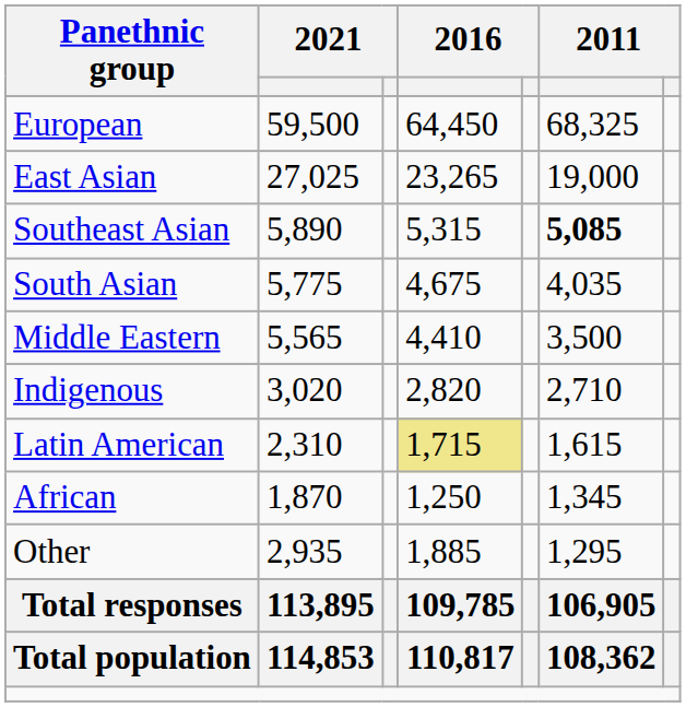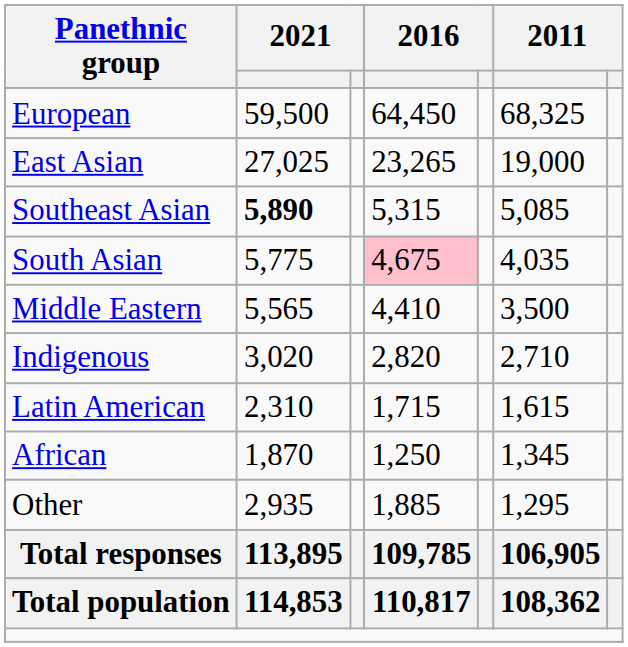 <table class="wikitable collapsible sortable">
 <tr>
 <th rowspan="2"><a href='#'>Panethnic</a><br>group</th>
 <th colspan="2">2021</th>
 <th colspan="2">2016</th>
 <th colspan="2">2011</th>
 </tr>
 <tr>
 <th><a href='#'></a></th>
 <th></th>
 <th></th>
 <th></th>
 <th></th>
 <th></th>
 </tr>
 <tr>
 <td><a href='#'>European</a></td>
 <td>59,500</td>
 <td></td>
 <td>64,450</td>
 <td></td>
 <td>68,325</td>
 <td></td>
 </tr>
 <tr>
 <td><a href='#'>East Asian</a></td>
 <td>27,025</td>
 <td></td>
 <td>23,265</td>
 <td></td>
 <td>19,000</td>
 <td></td>
 </tr>
 <tr>
 <td><a href='#'>Southeast Asian</a></td>
-<td>5,890</td>
+<td><strong>5,890</strong></td>
 <td></td>
 <td>5,315</td>
 <td></td>
-<td><strong>5,085</strong></td>
+<td>5,085</td>
 <td></td>
 </tr>
 <tr>
 <td><a href='#'>South Asian</a></td>
 <td>5,775</td>
 <td></td>
-<td>4,675</td>
+<td style="background: pink;">4,675</td>
 <td></td>
 <td>4,035</td>
 <td></td>
 </tr>
 <tr>
 <td><a href='#'>Middle Eastern</a></td>
 <td>5,565</td>
 <td></td>
 <td>4,410</td>
 <td></td>
 <td>3,500</td>
 <td></td>
 </tr>
 <tr>
 <td><a href='#'>Indigenous</a></td>
 <td>3,020</td>
 <td></td>
 <td>2,820</td>
 <td></td>
 <td>2,710</td>
 <td></td>
 </tr>
 <tr>
 <td><a href='#'>Latin American</a></td>
 <td>2,310</td>
 <td></td>
-<td style="background: khaki;">1,715</td>
+<td>1,715</td>
 <td></td>
 <td>1,615</td>
 <td></td>
 </tr>
 <tr>
 <td><a href='#'>African</a></td>
 <td>1,870</td>
 <td></td>
 <td>1,250</td>
 <td></td>
 <td>1,345</td>
 <td></td>
 </tr>
 <tr>
 <td>Other</td>
 <td>2,935</td>
 <td></td>
 <td>1,885</td>
 <td></td>
 <td>1,295</td>
 <td></td>
 </tr>
 <tr>
 <th>Total responses</th>
 <th>113,895</th>
 <th></th>
 <th>109,785</th>
 <th></th>
 <th>106,905</th>
 <th></th>
 </tr>
 <tr>
 <th>Total population</th>
 <th>114,853</th>
 <th></th>
 <th>110,817</th>
 <th></th>
 <th>108,362</th>
 <th></th>
 </tr>
 <tr class="sortbottom">
 <td colspan="15"></td>
 </tr>
 </table>
